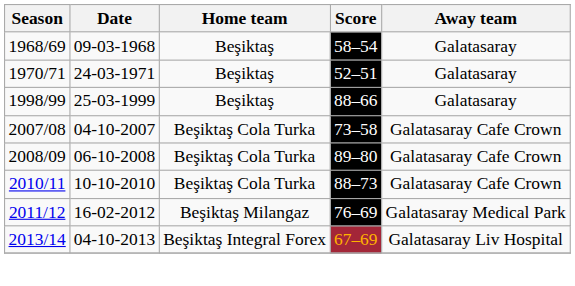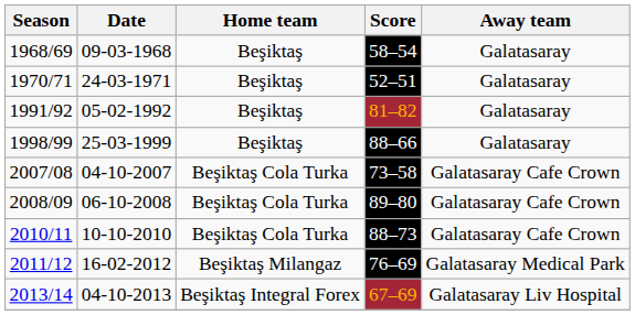 <table class="wikitable" style="text-align: center;">
 <tr>
 <th>Season</th>
 <th>Date</th>
 <th>Home team</th>
 <th>Score</th>
 <th>Away team</th>
 </tr>
 <tr>
 <td>1968/69</td>
 <td>09-03-1968</td>
 <td>Beşiktaş</td>
 <td style="background:black; color:white;">58–54</td>
 <td>Galatasaray</td>
 </tr>
 <tr>
 <td>1970/71</td>
 <td>24-03-1971</td>
 <td>Beşiktaş</td>
 <td style="background:black; color:white;">52–51</td>
+<td>Galatasaray</td>
+</tr>
+<tr>
+<td>1991/92</td>
+<td>05-02-1992</td>
+<td>Beşiktaş</td>
+<td style="background:#A32638; color:#FFB300;">81–82</td>
 <td>Galatasaray</td>
 </tr>
 <tr>
 <td>1998/99</td>
 <td>25-03-1999</td>
 <td>Beşiktaş</td>
 <td style="background:black; color:white;">88–66</td>
 <td>Galatasaray</td>
 </tr>
 <tr>
 <td>2007/08</td>
 <td>04-10-2007</td>
 <td>Beşiktaş Cola Turka</td>
 <td style="background:black; color:white;">73–58</td>
 <td>Galatasaray Cafe Crown</td>
 </tr>
 <tr>
 <td>2008/09</td>
 <td>06-10-2008</td>
 <td>Beşiktaş Cola Turka</td>
 <td style="background:black; color:white;">89–80</td>
 <td>Galatasaray Cafe Crown</td>
 </tr>
 <tr>
 <td><a href='#'>2010/11</a></td>
 <td>10-10-2010</td>
 <td>Beşiktaş Cola Turka</td>
 <td style="background:black; color:white;">88–73</td>
 <td>Galatasaray Cafe Crown</td>
 </tr>
 <tr>
 <td><a href='#'>2011/12</a></td>
 <td>16-02-2012</td>
 <td>Beşiktaş Milangaz</td>
 <td style="background:black; color:white;">76–69</td>
 <td>Galatasaray Medical Park</td>
 </tr>
 <tr>
 <td><a href='#'>2013/14</a></td>
 <td>04-10-2013</td>
 <td>Beşiktaş Integral Forex</td>
 <td style="background:#A32638; color:#FFB300;">67–69</td>
 <td>Galatasaray Liv Hospital</td>
 </tr>
 <tr>
 </tr>
 </table>
